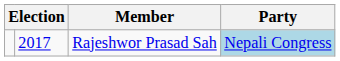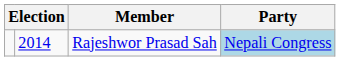 <table class="wikitable">
 <tr>
 <th colspan="2">Election</th>
 <th>Member</th>
 <th>Party</th>
 </tr>
 <tr>
 <td style="background-color:"></td>
-<td><a href='#'>2017</a></td>
+<td><a href='#'>2014</a></td>
 <td><a href='#'>Rajeshwor Prasad Sah</a></td>
 <td style="background: lightblue;"><a href='#'>Nepali Congress</a></td>
 </tr>
 </table>
